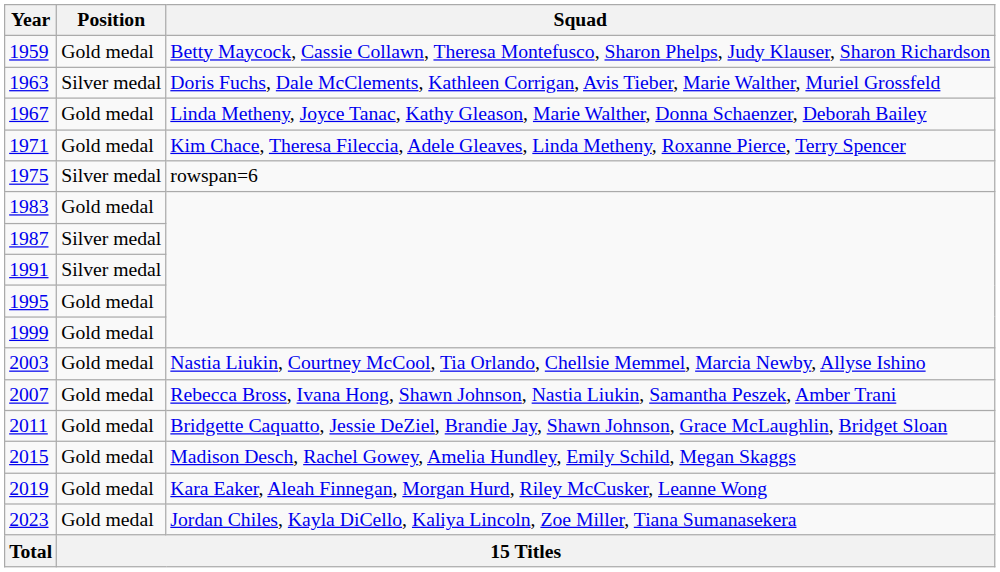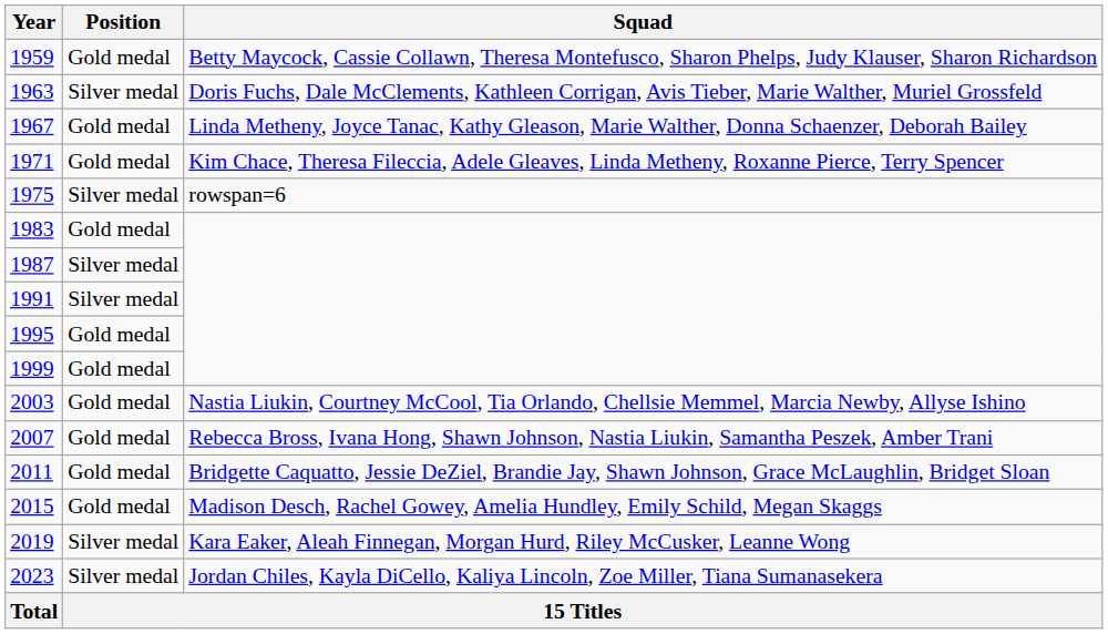 <table class="wikitable style="text-align: center;">
 <tr>
 <th>Year</th>
 <th>Position</th>
 <th>Squad</th>
 </tr>
 <tr style="text-align:left;">
 <td><a href='#'>1959</a></td>
 <td> Gold medal</td>
 <td><a href='#'>Betty Maycock</a>, <a href='#'>Cassie Collawn</a>, <a href='#'>Theresa Montefusco</a>, <a href='#'>Sharon Phelps</a>, <a href='#'>Judy Klauser</a>, <a href='#'>Sharon Richardson</a></td>
 </tr>
 <tr style="text-align:left;">
 <td><a href='#'>1963</a></td>
 <td> Silver medal</td>
 <td><a href='#'>Doris Fuchs</a>, <a href='#'>Dale McClements</a>, <a href='#'>Kathleen Corrigan</a>, <a href='#'>Avis Tieber</a>, <a href='#'>Marie Walther</a>, <a href='#'>Muriel Grossfeld</a></td>
 </tr>
 <tr style="text-align:left;">
 <td><a href='#'>1967</a></td>
 <td> Gold medal</td>
 <td><a href='#'>Linda Metheny</a>, <a href='#'>Joyce Tanac</a>, <a href='#'>Kathy Gleason</a>, <a href='#'>Marie Walther</a>, <a href='#'>Donna Schaenzer</a>, <a href='#'>Deborah Bailey</a></td>
 </tr>
 <tr style="text-align:left;">
 <td><a href='#'>1971</a></td>
 <td> Gold medal</td>
 <td><a href='#'>Kim Chace</a>, <a href='#'>Theresa Fileccia</a>, <a href='#'>Adele Gleaves</a>, <a href='#'>Linda Metheny</a>, <a href='#'>Roxanne Pierce</a>, <a href='#'>Terry Spencer</a></td>
 </tr>
 <tr style="text-align:left;">
 <td><a href='#'>1975</a></td>
 <td> Silver medal</td>
 <td>rowspan=6 </td>
 </tr>
 <tr style="text-align:left;">
 <td><a href='#'>1983</a></td>
 <td> Gold medal</td>
 </tr>
 <tr style="text-align:left;">
 <td><a href='#'>1987</a></td>
 <td> Silver medal</td>
 </tr>
 <tr style="text-align:left;">
 <td><a href='#'>1991</a></td>
 <td> Silver medal</td>
 </tr>
 <tr style="text-align:left;">
 <td><a href='#'>1995</a></td>
 <td> Gold medal</td>
 </tr>
 <tr style="text-align:left;">
 <td><a href='#'>1999</a></td>
 <td> Gold medal</td>
 </tr>
 <tr style="text-align:left;">
 <td><a href='#'>2003</a></td>
 <td> Gold medal</td>
 <td><a href='#'>Nastia Liukin</a>, <a href='#'>Courtney McCool</a>, <a href='#'>Tia Orlando</a>, <a href='#'>Chellsie Memmel</a>, <a href='#'>Marcia Newby</a>, <a href='#'>Allyse Ishino</a></td>
 </tr>
 <tr style="text-align:left;">
 <td><a href='#'>2007</a></td>
 <td> Gold medal</td>
 <td><a href='#'>Rebecca Bross</a>, <a href='#'>Ivana Hong</a>, <a href='#'>Shawn Johnson</a>, <a href='#'>Nastia Liukin</a>, <a href='#'>Samantha Peszek</a>, <a href='#'>Amber Trani</a></td>
 </tr>
 <tr style="text-align:left;">
 <td><a href='#'>2011</a></td>
 <td> Gold medal</td>
 <td><a href='#'>Bridgette Caquatto</a>, <a href='#'>Jessie DeZiel</a>, <a href='#'>Brandie Jay</a>, <a href='#'>Shawn Johnson</a>, <a href='#'>Grace McLaughlin</a>, <a href='#'>Bridget Sloan</a></td>
 </tr>
 <tr style="text-align:left;">
 <td><a href='#'>2015</a></td>
 <td> Gold medal</td>
 <td><a href='#'>Madison Desch</a>, <a href='#'>Rachel Gowey</a>, <a href='#'>Amelia Hundley</a>, <a href='#'>Emily Schild</a>, <a href='#'>Megan Skaggs</a></td>
 </tr>
 <tr style="text-align:left;">
 <td><a href='#'>2019</a></td>
-<td> Gold medal</td>
+<td> Silver medal</td>
 <td><a href='#'>Kara Eaker</a>, <a href='#'>Aleah Finnegan</a>, <a href='#'>Morgan Hurd</a>, <a href='#'>Riley McCusker</a>, <a href='#'>Leanne Wong</a></td>
 </tr>
 <tr style="text-align:left;">
 <td><a href='#'>2023</a></td>
-<td> Gold medal</td>
+<td> Silver medal</td>
 <td><a href='#'>Jordan Chiles</a>, <a href='#'>Kayla DiCello</a>, <a href='#'>Kaliya Lincoln</a>, <a href='#'>Zoe Miller</a>, <a href='#'>Tiana Sumanasekera</a></td>
 </tr>
 <tr>
 <th>Total</th>
 <th colspan="2">15 Titles</th>
 </tr>
 </table>
